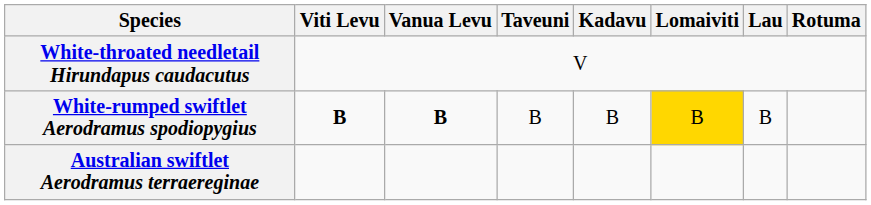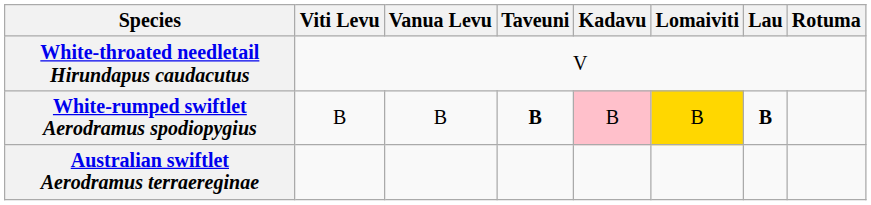 <table class="wikitable" style="text-align:center">
 <tr>
 <th width="225">Species</th>
 <th>Viti Levu</th>
 <th>Vanua Levu</th>
 <th>Taveuni</th>
 <th>Kadavu</th>
 <th>Lomaiviti</th>
 <th>Lau</th>
 <th>Rotuma</th>
 </tr>
 <tr>
 <th><a href='#'>White-throated needletail</a><br><em>Hirundapus caudacutus</em></th>
 <td colspan="8" align="center">V</td>
 </tr>
 <tr>
 <th><a href='#'>White-rumped swiftlet</a><br><em>Aerodramus spodiopygius</em></th>
-<td><strong>B</strong></td>
-<td><strong>B</strong></td>
 <td>B</td>
 <td>B</td>
+<td><strong>B</strong></td>
+<td style="background: pink;">B</td>
 <td style="background: gold;">B</td>
-<td>B</td>
+<td><strong>B</strong></td>
 <td></td>
 </tr>
 <tr>
 <th><a href='#'>Australian swiftlet</a><br><em>Aerodramus terraereginae</em></th>
 <td></td>
 <td></td>
 <td></td>
 <td></td>
 <td></td>
 <td></td>
 <td></td>
 </tr>
 </table>
